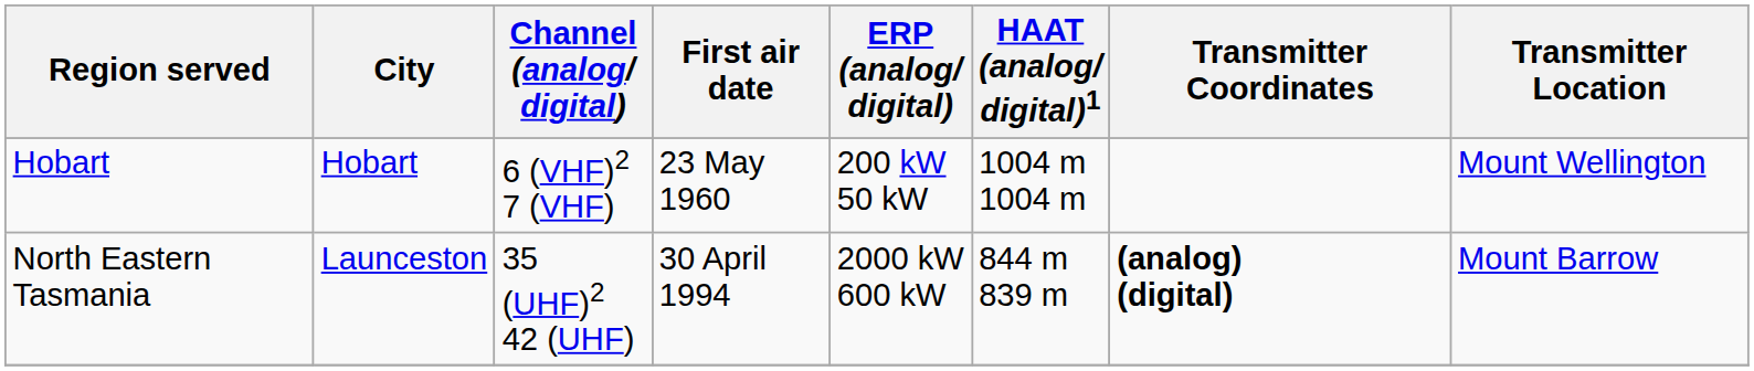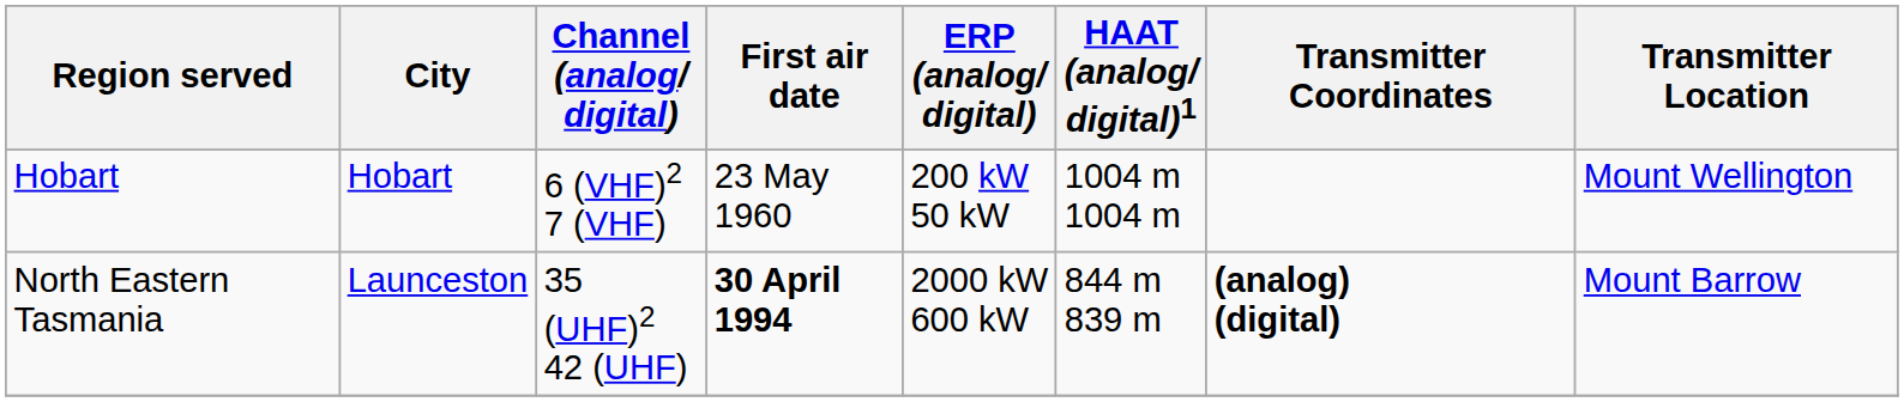 <table class="wikitable">
 <tr>
 <th>Region served</th>
 <th>City</th>
 <th><a href='#'>Channel</a><br><em>(<a href='#'>analog</a>/<br><a href='#'>digital</a>)</em></th>
 <th>First air date</th>
 <th><a href='#'>ERP</a><br><em>(analog/<br>digital)</em></th>
 <th><a href='#'>HAAT</a><br><em>(analog/<br>digital)</em><sup>1</sup></th>
 <th>Transmitter Coordinates</th>
 <th>Transmitter Location</th>
 </tr>
 <tr style="vertical-align: top; text-align: left;">
 <td><a href='#'>Hobart</a></td>
 <td><a href='#'>Hobart</a></td>
 <td>6 (<a href='#'>VHF</a>)<sup>2</sup><br>7 (<a href='#'>VHF</a>)</td>
 <td>23 May 1960</td>
 <td>200 <a href='#'>kW</a><br>50 kW</td>
 <td>1004 m<br>1004 m</td>
 <td></td>
 <td><a href='#'>Mount Wellington</a></td>
 </tr>
 <tr style="vertical-align: top; text-align: left;">
 <td>North Eastern Tasmania</td>
 <td><a href='#'>Launceston</a></td>
 <td>35 (<a href='#'>UHF</a>)<sup>2</sup><br>42 (<a href='#'>UHF</a>)</td>
-<td>30 April 1994</td>
+<td><strong>30 April 1994</strong></td>
 <td>2000 kW<br>600 kW</td>
 <td>844 m<br>839 m</td>
 <td><strong> (analog)<br> (digital)</strong></td>
 <td><a href='#'>Mount Barrow</a></td>
 </tr>
 <tr style="vertical-align: top; text-align: left;">
 </tr>
 </table>
